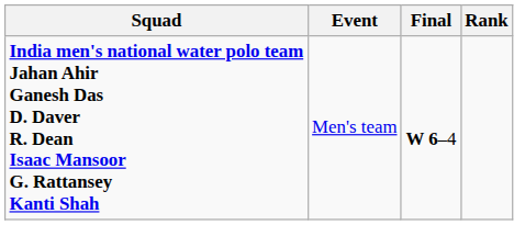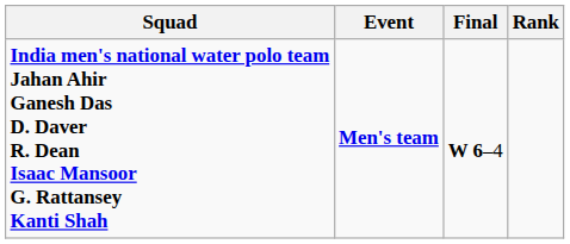 <table class="wikitable" style="text-align:left; font-size:90%">
 <tr>
 <th>Squad</th>
 <th>Event</th>
 <th>Final</th>
 <th>Rank</th>
 </tr>
 <tr>
 <td rowspan="3"><strong><a href='#'>India men's national water polo team</a><br>Jahan Ahir<br>Ganesh Das<br>D. Daver<br>R. Dean<br><a href='#'>Isaac Mansoor</a><br>G. Rattansey<br><a href='#'>Kanti Shah</a></strong><br></td>
-<td><a href='#'>Men's team</a></td>
+<td><strong><a href='#'>Men's team</a></strong></td>
 <td rowspan="3"><br><strong>W 6</strong>–4</td>
 <td rowspan="3" align="center"></td>
 </tr>
 </table>
